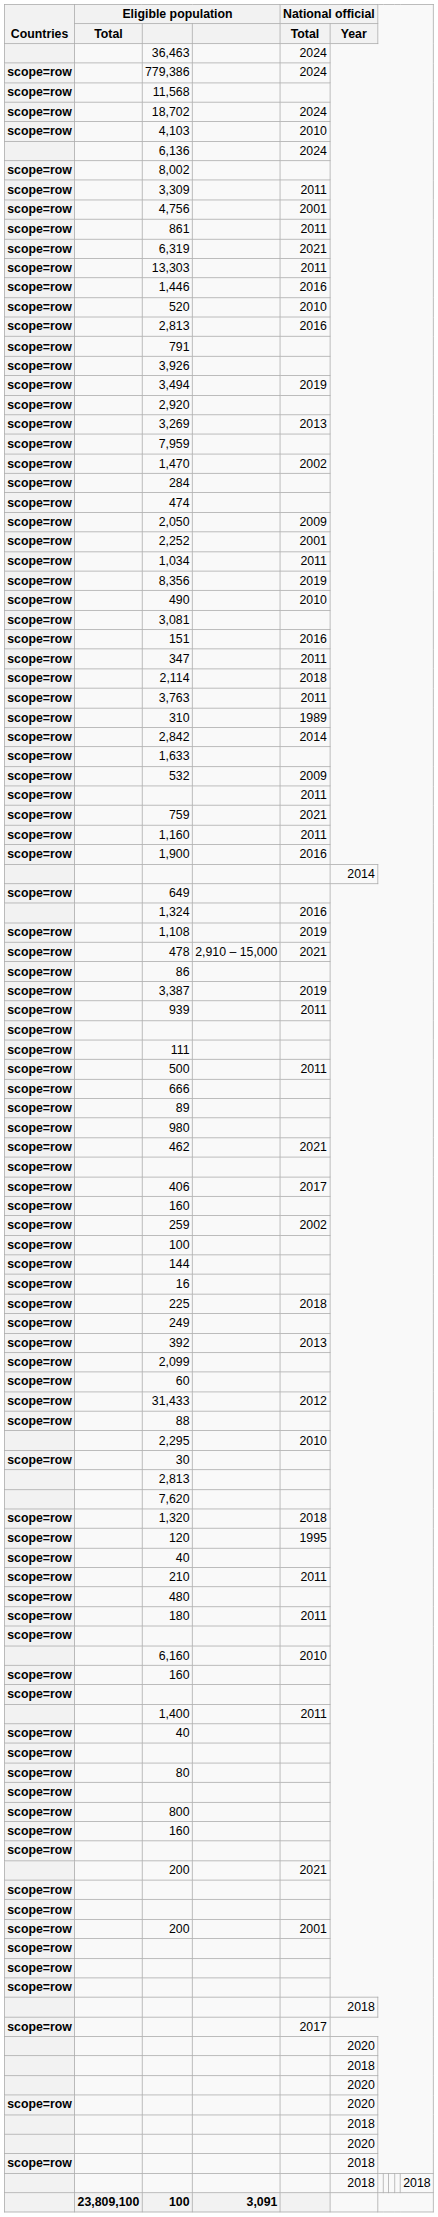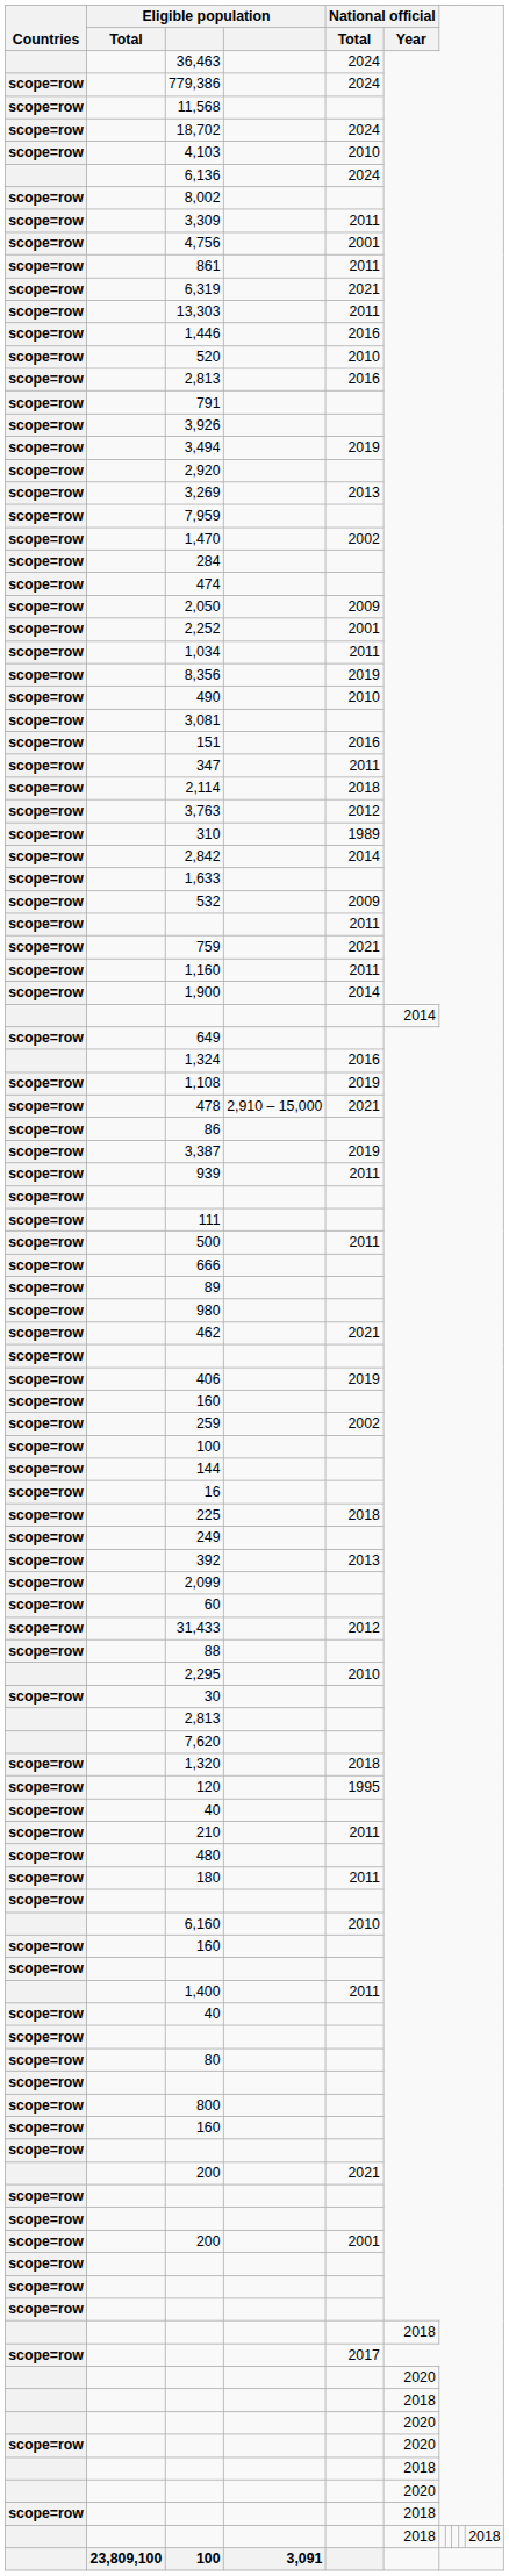 <table class="sortable plainrowheaders static-row-numbers vertical-align-top wikitable col6left" style="text-align:right">
 <tr style="vertical-align:bottom" class="static-row-header">
 <th rowspan="2">Countries</th>
 <th colspan="3">Eligible population</th>
 <th colspan="2">National official</th>
 </tr>
 <tr class="static-row-header">
 <th>Total</th>
 <th></th>
 <th></th>
 <th>Total</th>
 <th>Year</th>
 </tr>
 <tr id="United States">
 <th scope="row" style="text-align:left"></th>
 <td></td>
 <td>36,463</td>
 <td nowrap=""></td>
 <td>2024</td>
 </tr>
 <tr id="Israel">
 <th>scope=row </th>
 <td></td>
 <td>779,386</td>
 <td nowrap=""></td>
 <td>2024</td>
 </tr>
 <tr id="France">
 <th>scope=row </th>
 <td></td>
 <td>11,568</td>
 <td></td>
 <td></td>
 </tr>
 <tr id="Canada">
 <th>scope=row </th>
 <td></td>
 <td>18,702</td>
 <td nowrap=""></td>
 <td>2024</td>
 </tr>
 <tr id="Russia">
 <th>scope=row </th>
 <td></td>
 <td>4,103</td>
 <td nowrap=""></td>
 <td>2010</td>
 </tr>
 <tr id="United Kingdom">
 <th scope="row" style="text-align:left"></th>
 <td></td>
 <td>6,136</td>
 <td nowrap=""></td>
 <td>2024</td>
 </tr>
 <tr id="Argentina">
 <th>scope=row </th>
 <td></td>
 <td>8,002</td>
 <td></td>
 <td></td>
 </tr>
 <tr id="Germany">
 <th>scope=row </th>
 <td></td>
 <td>3,309</td>
 <td nowrap=""></td>
 <td>2011</td>
 </tr>
 <tr id="Ukraine">
 <th>scope=row </th>
 <td></td>
 <td>4,756</td>
 <td nowrap=""></td>
 <td>2001</td>
 </tr>
 <tr id="Brazil">
 <th>scope=row </th>
 <td></td>
 <td>861</td>
 <td nowrap=""></td>
 <td>2011</td>
 </tr>
 <tr id="Australia">
 <th>scope=row </th>
 <td></td>
 <td>6,319</td>
 <td nowrap=""></td>
 <td>2021</td>
 </tr>
 <tr id="Hungary">
 <th>scope=row </th>
 <td></td>
 <td>13,303</td>
 <td nowrap=""></td>
 <td>2011</td>
 </tr>
 <tr id="South Africa">
 <th>scope=row </th>
 <td></td>
 <td>1,446</td>
 <td nowrap=""></td>
 <td>2016</td>
 </tr>
 <tr id="Mexico">
 <th>scope=row </th>
 <td></td>
 <td>520</td>
 <td nowrap=""></td>
 <td>2010</td>
 </tr>
 <tr id="Netherlands">
 <th>scope=row </th>
 <td></td>
 <td>2,813</td>
 <td nowrap=""></td>
 <td>2016</td>
 </tr>
 <tr id="Italy">
 <th>scope=row </th>
 <td></td>
 <td>791</td>
 <td></td>
 <td></td>
 </tr>
 <tr id="Belgium">
 <th>scope=row </th>
 <td></td>
 <td>3,926</td>
 <td></td>
 <td></td>
 </tr>
 <tr id="Belarus">
 <th>scope=row </th>
 <td></td>
 <td>3,494</td>
 <td nowrap=""></td>
 <td>2019</td>
 </tr>
 <tr id="Sweden">
 <th>scope=row </th>
 <td></td>
 <td>2,920</td>
 <td></td>
 <td></td>
 </tr>
 <tr id="Switzerland">
 <th>scope=row </th>
 <td></td>
 <td>3,269</td>
 <td nowrap=""></td>
 <td>2013</td>
 </tr>
 <tr id="Uruguay">
 <th>scope=row </th>
 <td></td>
 <td>7,959</td>
 <td></td>
 <td></td>
 </tr>
 <tr id="Chile">
 <th>scope=row </th>
 <td></td>
 <td>1,470</td>
 <td nowrap=""></td>
 <td>2002</td>
 </tr>
 <tr id="Turkey">
 <th>scope=row </th>
 <td></td>
 <td>284</td>
 <td></td>
 <td></td>
 </tr>
 <tr id="Spain">
 <th>scope=row </th>
 <td></td>
 <td>474</td>
 <td></td>
 <td></td>
 </tr>
 <tr id="Azerbaijan">
 <th>scope=row </th>
 <td></td>
 <td>2,050</td>
 <td nowrap=""></td>
 <td>2009</td>
 </tr>
 <tr id="Austria">
 <th>scope=row </th>
 <td></td>
 <td>2,252</td>
 <td nowrap=""></td>
 <td>2001</td>
 </tr>
 <tr id="Romania">
 <th>scope=row </th>
 <td></td>
 <td>1,034</td>
 <td nowrap=""></td>
 <td>2011</td>
 </tr>
 <tr id="Latvia">
 <th>scope=row </th>
 <td></td>
 <td>8,356</td>
 <td nowrap=""></td>
 <td>2019</td>
 </tr>
 <tr id="Venezuela">
 <th>scope=row </th>
 <td></td>
 <td>490</td>
 <td nowrap=""></td>
 <td>2010</td>
 </tr>
 <tr id="Panama">
 <th>scope=row </th>
 <td></td>
 <td>3,081</td>
 <td></td>
 <td></td>
 </tr>
 <tr id="Iran">
 <th>scope=row </th>
 <td></td>
 <td>151</td>
 <td nowrap=""></td>
 <td>2016</td>
 </tr>
 <tr id="Poland">
 <th>scope=row </th>
 <td></td>
 <td>347</td>
 <td nowrap=""></td>
 <td>2011</td>
 </tr>
 <tr id="New Zealand">
 <th>scope=row </th>
 <td></td>
 <td>2,114</td>
 <td nowrap=""></td>
 <td>2018</td>
 </tr>
 <tr id="Lithuania">
 <th>scope=row </th>
 <td></td>
 <td>3,763</td>
 <td nowrap=""></td>
-<td>2011</td>
+<td>2012</td>
 </tr>
 <tr id="Uzbekistan">
 <th>scope=row </th>
 <td></td>
 <td>310</td>
 <td nowrap=""></td>
 <td>1989</td>
 </tr>
 <tr id="Moldova">
 <th>scope=row </th>
 <td></td>
 <td>2,842</td>
 <td nowrap=""></td>
 <td>2014</td>
 </tr>
 <tr id="Denmark">
 <th>scope=row </th>
 <td></td>
 <td>1,633</td>
 <td></td>
 <td></td>
 </tr>
 <tr id="Kazakhstan">
 <th>scope=row </th>
 <td></td>
 <td>532</td>
 <td nowrap=""></td>
 <td>2009</td>
 </tr>
 <tr id="India">
 <th>scope=row </th>
 <td></td>
 <td></td>
 <td nowrap=""></td>
 <td>2011</td>
 </tr>
 <tr id="Czechia">
 <th>scope=row </th>
 <td></td>
 <td>759</td>
 <td nowrap=""></td>
 <td>2021</td>
 </tr>
 <tr id="Bulgaria">
 <th>scope=row </th>
 <td></td>
 <td>1,160</td>
 <td nowrap=""></td>
 <td>2011</td>
 </tr>
 <tr id="Georgia">
 <th>scope=row </th>
 <td></td>
 <td>1,900</td>
 <td nowrap=""></td>
-<td>2016</td>
+<td>2014</td>
 </tr>
 <tr id="Uganda">
 <th scope="row" style="text-align:left"></th>
 <td></td>
 <td></td>
 <td></td>
 <td nowrap=""></td>
 <td>2014</td>
 </tr>
 <tr id="Greece">
 <th>scope=row </th>
 <td></td>
 <td>649</td>
 <td></td>
 <td></td>
 </tr>
 <tr id="Ireland">
 <th scope="row" style="text-align:left"></th>
 <td></td>
 <td>1,324</td>
 <td nowrap=""></td>
 <td>2016</td>
 </tr>
 <tr id="Slovakia">
 <th>scope=row </th>
 <td></td>
 <td>1,108</td>
 <td nowrap=""></td>
 <td>2019</td>
 </tr>
 <tr id="Portugal">
 <th>scope=row </th>
 <td></td>
 <td>478</td>
 <td nowrap="">2,910 – 15,000</td>
 <td>2021</td>
 </tr>
 <tr id="Colombia">
 <th>scope=row </th>
 <td></td>
 <td>86</td>
 <td></td>
 <td></td>
 </tr>
 <tr id="Estonia">
 <th>scope=row </th>
 <td></td>
 <td>3,387</td>
 <td nowrap=""></td>
 <td>2019</td>
 </tr>
 <tr id="Croatia">
 <th>scope=row </th>
 <td></td>
 <td>939</td>
 <td nowrap=""></td>
 <td>2011</td>
 </tr>
 <tr id="China">
 <th>scope=row </th>
 <td></td>
 <td></td>
 <td></td>
 <td></td>
 </tr>
 <tr id="Peru">
 <th>scope=row </th>
 <td></td>
 <td>111</td>
 <td></td>
 <td></td>
 </tr>
 <tr id="Serbia">
 <th>scope=row </th>
 <td></td>
 <td>500</td>
 <td nowrap=""></td>
 <td>2011</td>
 </tr>
 <tr id="Costa Rica">
 <th>scope=row </th>
 <td></td>
 <td>666</td>
 <td></td>
 <td></td>
 </tr>
 <tr id="Morocco">
 <th>scope=row </th>
 <td></td>
 <td>89</td>
 <td></td>
 <td></td>
 </tr>
 <tr id="Puerto Rico">
 <th>scope=row </th>
 <td></td>
 <td>980</td>
 <td></td>
 <td></td>
 </tr>
 <tr id="Norway">
 <th>scope=row </th>
 <td></td>
 <td>462</td>
 <td nowrap=""></td>
 <td>2021</td>
 </tr>
 <tr id="Ethiopia">
 <th>scope=row </th>
 <td></td>
 <td></td>
 <td></td>
 <td></td>
 </tr>
 <tr id="Finland">
 <th>scope=row </th>
 <td></td>
 <td>406</td>
 <td nowrap=""></td>
-<td>2017</td>
+<td>2019</td>
 </tr>
 <tr id="Cuba">
 <th>scope=row </th>
 <td></td>
 <td>160</td>
 <td></td>
 <td></td>
 </tr>
 <tr id="Paraguay">
 <th>scope=row </th>
 <td></td>
 <td>259</td>
 <td nowrap=""></td>
 <td>2002</td>
 </tr>
 <tr id="Guatemala">
 <th>scope=row </th>
 <td></td>
 <td>100</td>
 <td></td>
 <td></td>
 </tr>
 <tr id="Tunisia">
 <th>scope=row </th>
 <td></td>
 <td>144</td>
 <td></td>
 <td></td>
 </tr>
 <tr id="Japan">
 <th>scope=row </th>
 <td></td>
 <td>16</td>
 <td></td>
 <td></td>
 </tr>
 <tr id="Kyrgyzstan">
 <th>scope=row </th>
 <td></td>
 <td>225</td>
 <td nowrap=""></td>
 <td>2018</td>
 </tr>
 <tr id="Singapore">
 <th>scope=row </th>
 <td></td>
 <td>249</td>
 <td></td>
 <td></td>
 </tr>
 <tr id="Bosnia">
 <th>scope=row </th>
 <td></td>
 <td>392</td>
 <td nowrap=""></td>
 <td>2013</td>
 </tr>
 <tr id="Luxembourg">
 <th>scope=row </th>
 <td></td>
 <td>2,099</td>
 <td></td>
 <td></td>
 </tr>
 <tr id="Ecuador">
 <th>scope=row </th>
 <td></td>
 <td>60</td>
 <td></td>
 <td></td>
 </tr>
 <tr id="Gibraltar">
 <th>scope=row </th>
 <td></td>
 <td>31,433</td>
 <td nowrap=""></td>
 <td>2012</td>
 </tr>
 <tr id="Bolivia">
 <th>scope=row </th>
 <td></td>
 <td>88</td>
 <td></td>
 <td></td>
 </tr>
 <tr id="Bahamas">
 <th scope="row" style="text-align:left"></th>
 <td></td>
 <td>2,295</td>
 <td nowrap=""></td>
 <td>2010</td>
 </tr>
 <tr id="Kenya">
 <th>scope=row </th>
 <td></td>
 <td>30</td>
 <td></td>
 <td></td>
 </tr>
 <tr id="Netherlands Antilles">
 <th scope="row" style="text-align:left"></th>
 <td></td>
 <td>2,813</td>
 <td></td>
 <td></td>
 </tr>
 <tr id="Virgin Islands">
 <th scope="row" style="text-align:left"></th>
 <td></td>
 <td>7,620</td>
 <td></td>
 <td></td>
 </tr>
 <tr id="Suriname">
 <th>scope=row </th>
 <td></td>
 <td>1,320</td>
 <td nowrap=""></td>
 <td>2018</td>
 </tr>
 <tr id="Turkmenistan">
 <th>scope=row </th>
 <td></td>
 <td>120</td>
 <td nowrap=""></td>
 <td>1995</td>
 </tr>
 <tr id="Zimbabwe">
 <th>scope=row </th>
 <td></td>
 <td>40</td>
 <td></td>
 <td></td>
 </tr>
 <tr id="Armenia">
 <th>scope=row </th>
 <td></td>
 <td>210</td>
 <td nowrap=""></td>
 <td>2011</td>
 </tr>
 <tr id="Cyprus">
 <th>scope=row </th>
 <td></td>
 <td>480</td>
 <td></td>
 <td></td>
 </tr>
 <tr id="Jamaica">
 <th>scope=row </th>
 <td></td>
 <td>180</td>
 <td nowrap=""></td>
 <td>2011</td>
 </tr>
 <tr id="Thailand">
 <th>scope=row </th>
 <td></td>
 <td></td>
 <td></td>
 <td></td>
 </tr>
 <tr id="Bermuda">
 <th scope="row" style="text-align:left"></th>
 <td></td>
 <td>6,160</td>
 <td nowrap=""></td>
 <td>2010</td>
 </tr>
 <tr id="Botswana">
 <th>scope=row </th>
 <td></td>
 <td>160</td>
 <td></td>
 <td></td>
 </tr>
 <tr id="Congo D.R.">
 <th>scope=row </th>
 <td></td>
 <td></td>
 <td></td>
 <td></td>
 </tr>
 <tr id="Barbados">
 <th scope="row" style="text-align:left"></th>
 <td></td>
 <td>1,400</td>
 <td nowrap=""></td>
 <td>2011</td>
 </tr>
 <tr id="Dominica">
 <th>scope=row </th>
 <td></td>
 <td>40</td>
 <td></td>
 <td></td>
 </tr>
 <tr id="Egypt">
 <th>scope=row </th>
 <td></td>
 <td></td>
 <td></td>
 <td></td>
 </tr>
 <tr id="El Salvador">
 <th>scope=row </th>
 <td></td>
 <td>80</td>
 <td></td>
 <td></td>
 </tr>
 <tr id="Indonesia">
 <th>scope=row </th>
 <td></td>
 <td></td>
 <td></td>
 <td></td>
 </tr>
 <tr id="Malta">
 <th>scope=row </th>
 <td></td>
 <td>800</td>
 <td></td>
 <td></td>
 </tr>
 <tr id="Namibia">
 <th>scope=row </th>
 <td></td>
 <td>160</td>
 <td></td>
 <td></td>
 </tr>
 <tr id="Nigeria">
 <th>scope=row </th>
 <td></td>
 <td></td>
 <td></td>
 <td></td>
 </tr>
 <tr id="North Macedonia">
 <th scope="row" style="text-align:left"></th>
 <td></td>
 <td>200</td>
 <td nowrap=""></td>
 <td>2021</td>
 </tr>
 <tr id="Madagascar">
 <th>scope=row </th>
 <td></td>
 <td></td>
 <td></td>
 <td></td>
 </tr>
 <tr id="Philippines">
 <th>scope=row </th>
 <td></td>
 <td></td>
 <td></td>
 <td></td>
 </tr>
 <tr id="Slovenia">
 <th>scope=row </th>
 <td></td>
 <td>200</td>
 <td nowrap=""></td>
 <td>2001</td>
 </tr>
 <tr id="South Korea">
 <th>scope=row </th>
 <td></td>
 <td></td>
 <td></td>
 <td></td>
 </tr>
 <tr id="Tajikistan">
 <th>scope=row </th>
 <td></td>
 <td></td>
 <td></td>
 <td></td>
 </tr>
 <tr id="Taiwan">
 <th>scope=row </th>
 <td></td>
 <td></td>
 <td></td>
 <td></td>
 </tr>
 <tr id="Aruba">
 <th scope="row" style="text-align:left"></th>
 <td></td>
 <td></td>
 <td></td>
 <td nowrap=""></td>
 <td>2018</td>
 </tr>
 <tr id="Nicaragua">
 <th>scope=row </th>
 <td></td>
 <td></td>
 <td nowrap=""></td>
 <td>2017</td>
 </tr>
 <tr id="Iceland">
 <th scope="row" style="text-align:left"></th>
 <td></td>
 <td></td>
 <td></td>
 <td nowrap=""></td>
 <td>2020</td>
 </tr>
 <tr id="Mauritius">
 <th scope="row" style="text-align:left"></th>
 <td></td>
 <td></td>
 <td></td>
 <td nowrap=""></td>
 <td>2018</td>
 </tr>
 <tr id="Syria">
 <th scope="row" style="text-align:left"></th>
 <td></td>
 <td></td>
 <td></td>
 <td nowrap=""></td>
 <td>2020</td>
 </tr>
 <tr id="Liechtenstein">
 <th>scope=row </th>
 <td></td>
 <td></td>
 <td></td>
 <td nowrap=""></td>
 <td>2020</td>
 </tr>
 <tr id="Anguilla">
 <th scope="row" style="text-align:left"></th>
 <td></td>
 <td></td>
 <td></td>
 <td nowrap=""></td>
 <td>2018</td>
 </tr>
 <tr id="Faroe Islands">
 <th scope="row" style="text-align:left"></th>
 <td></td>
 <td></td>
 <td></td>
 <td nowrap=""></td>
 <td>2020</td>
 </tr>
 <tr id="Montenegro">
 <th>scope=row </th>
 <td></td>
 <td></td>
 <td></td>
 <td nowrap=""></td>
 <td>2018</td>
 </tr>
 <tr id="British Virgin Islands">
 <th scope="row" style="text-align:left"></th>
 <td></td>
 <td></td>
 <td></td>
 <td nowrap=""></td>
 <td>2018</td>
 <td></td>
 <td></td>
 <td></td>
 <td nowrap=""></td>
 <td>2018</td>
 </tr>
 <tr class="static-row-header">
 <th style="text-align:left"></th>
 <th>23,809,100</th>
 <th style="text-align:right">100</th>
 <th style="text-align:right">3,091</th>
 <th></th>
 <td></td>
 </tr>
 </table>
